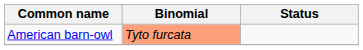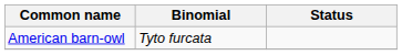 <table width=72% class="wikitable">
 <tr>
 <th width=24%>Common name</th>
 <th width=24%>Binomial</th>
 <th width=24%>Status</th>
 </tr>
 <tr>
 <td><a href='#'>American barn-owl</a></td>
-<td style="background: lightsalmon;"><em>Tyto furcata</em></td>
+<td><em>Tyto furcata</em></td>
 <td></td>
 </tr>
 <tr>
 </tr>
 </table>
